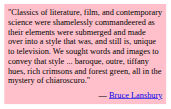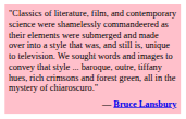 <table class="toccolours" style="float:right; margin-left:1em; margin-right:1em; font-size:80%; background:pink; color:black; width:30em; max-width:40%;" cellspacing="5">
 <tr>
 <td style="text-align: left;">"Classics of literature, film, and contemporary science were shamelessly commandeered as their elements were submerged and made over into a style that was, and still is, unique to television. We sought words and images to convey that style ... baroque, outre, tiffany hues, rich crimsons and forest green, all in the mystery of chiaroscuro."</td>
 </tr>
 <tr>
-<td style="text-align: right;">— <a href='#'>Bruce Lansbury</a></td>
+<td style="text-align: right;"><strong>— <a href='#'>Bruce Lansbury</a></strong></td>
 </tr>
 </table>
